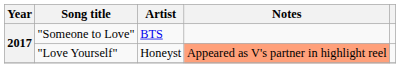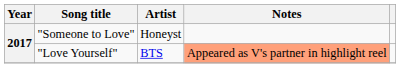 <table class="wikitable plainrowheaders">
 <tr>
 <th scope="col">Year</th>
 <th scope="col">Song title</th>
 <th scope="col">Artist</th>
 <th scope="col">Notes</th>
 <th scope="col" class="unsortable"></th>
 </tr>
 <tr>
 <th scope="row" rowspan="2">2017</th>
 <td>"Someone to Love"</td>
-<td><a href='#'>BTS</a></td>
+<td>Honeyst</td>
 <td></td>
 <td align="center"></td>
 </tr>
 <tr>
 <td>"Love Yourself"</td>
-<td>Honeyst</td>
+<td><a href='#'>BTS</a></td>
 <td style="background: lightsalmon;">Appeared as V's partner in highlight reel</td>
 <td align="center"></td>
 </tr>
 <tr>
 </tr>
 </table>
